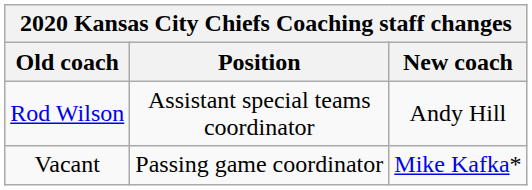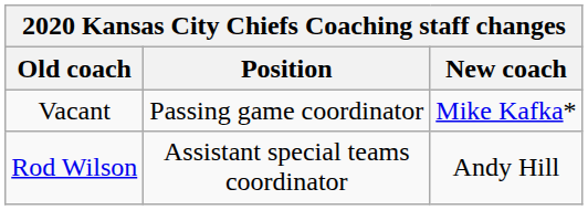 <table class="wikitable" style="text-align:center">
 <tr>
 <th colspan=3>2020 Kansas City Chiefs Coaching staff changes</th>
 </tr>
 <tr>
 <th>Old coach</th>
 <th>Position</th>
 <th>New coach</th>
 </tr>
 <tr>
+<td>Vacant</td>
+<td>Passing game coordinator</td>
+<td><a href='#'>Mike Kafka</a>*</td>
+</tr>
+<tr>
 <td><a href='#'>Rod Wilson</a></td>
 <td>Assistant special teams<br>coordinator</td>
 <td>Andy Hill</td>
 </tr>
-<tr>
-<td>Vacant</td>
-<td>Passing game coordinator</td>
-<td><a href='#'>Mike Kafka</a>*</td>
-</tr>
 </table>
